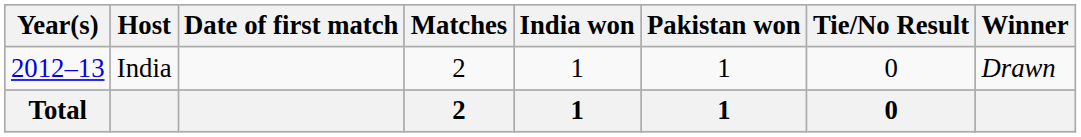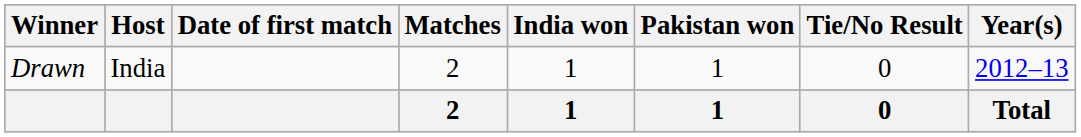 <table class="wikitable sortable">
 <tr>
-<th scope="col">Year(s)</th>
+<th scope="col">Winner</th>
 <th scope="col">Host</th>
 <th scope="col">Date of first match</th>
 <th scope="col">Matches</th>
 <th scope="col">India won</th>
 <th scope="col">Pakistan won</th>
 <th scope="col">Tie/No Result</th>
-<th scope="col">Winner</th>
+<th scope="col">Year(s)</th>
 </tr>
 <tr>
-<td><a href='#'>2012–13</a></td>
+<td><em>Drawn</em></td>
 <td>India</td>
 <td></td>
 <td style="text-align:center;">2</td>
 <td style="text-align:center;">1</td>
 <td style="text-align:center;">1</td>
 <td style="text-align:center;">0</td>
-<td><em>Drawn</em></td>
+<td><a href='#'>2012–13</a></td>
 </tr>
 <tr>
-<th style="text-align:center;"><strong>Total</strong></th>
+<th></th>
 <th></th>
 <th></th>
 <th style="text-align:center;">2</th>
 <th style="text-align:center;">1</th>
 <th style="text-align:center;">1</th>
 <th style="text-align:center;">0</th>
-<th></th>
+<th style="text-align:center;"><strong>Total</strong></th>
 </tr>
 </table>
